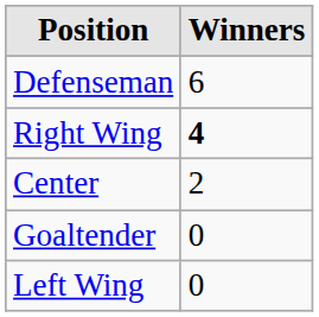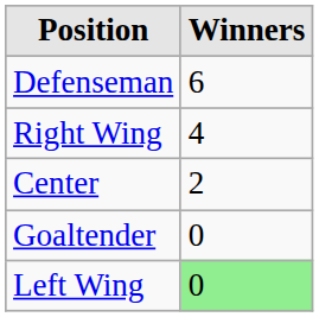 <table class="wikitable">
 <tr>
 <th style="background:#e5e5e5;">Position</th>
 <th style="background:#e5e5e5;">Winners</th>
 </tr>
 <tr>
 <td><a href='#'>Defenseman</a></td>
 <td>6</td>
 </tr>
 <tr>
 <td><a href='#'>Right Wing</a></td>
-<td><strong>4</strong></td>
+<td>4</td>
 </tr>
 <tr>
 <td><a href='#'>Center</a></td>
 <td>2</td>
 </tr>
 <tr>
 <td><a href='#'>Goaltender</a></td>
 <td>0</td>
 </tr>
 <tr>
 <td><a href='#'>Left Wing</a></td>
-<td>0</td>
+<td style="background: lightgreen;">0</td>
 </tr>
 </table>
